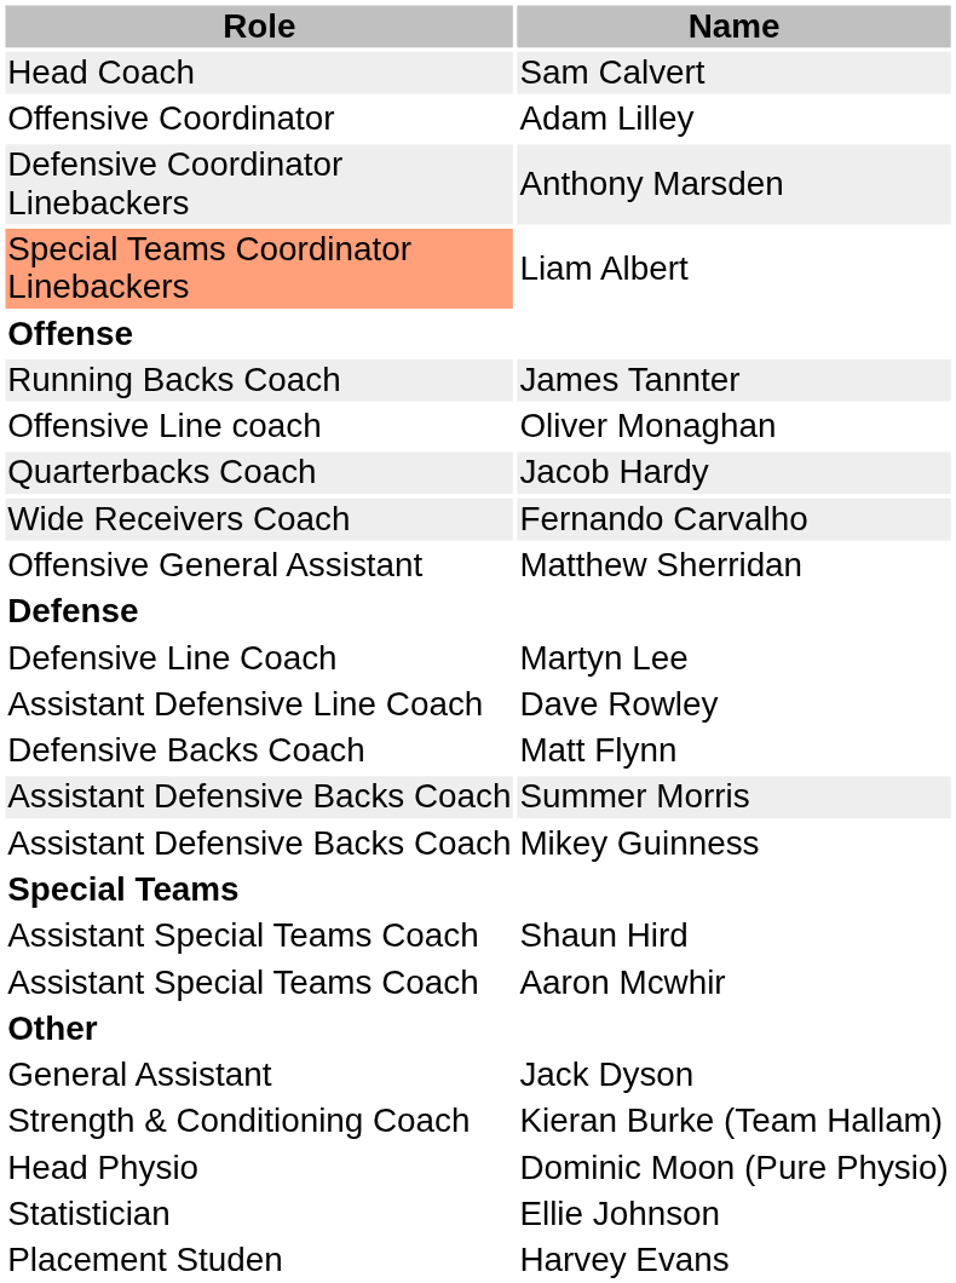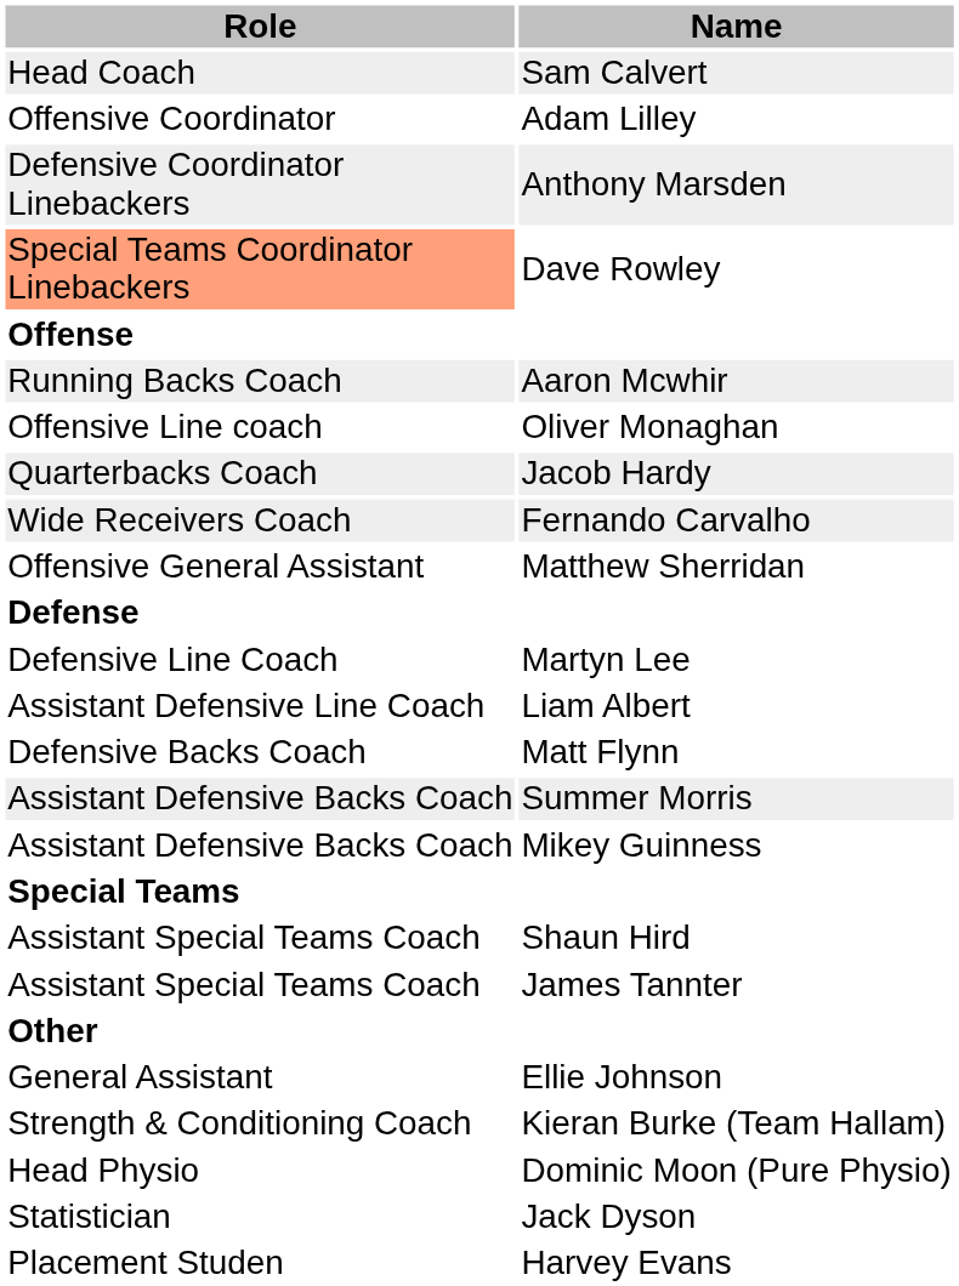 <table class="toccolours">
 <tr>
 <th style="background:silver;">Role</th>
 <th style="background:silver;">Name</th>
 </tr>
 <tr style="background:#eee;">
 <td>Head Coach</td>
 <td>Sam Calvert</td>
 </tr>
 <tr>
 <td>Offensive Coordinator</td>
 <td>Adam Lilley</td>
 </tr>
 <tr style="background:#eee;">
 <td>Defensive Coordinator<br>Linebackers</td>
 <td>Anthony Marsden</td>
 </tr>
 <tr>
 <td style="background: lightsalmon;">Special Teams Coordinator<br>Linebackers</td>
-<td>Liam Albert</td>
+<td>Dave Rowley</td>
 </tr>
 <tr>
 <td colspan="2"><strong>Offense</strong></td>
 </tr>
 <tr style="background:#eee;">
 <td>Running Backs Coach</td>
-<td>James Tannter</td>
+<td>Aaron Mcwhir</td>
 </tr>
 <tr>
 <td>Offensive Line coach</td>
 <td>Oliver Monaghan</td>
 </tr>
 <tr style="background:#eee;">
 <td>Quarterbacks Coach</td>
 <td>Jacob Hardy</td>
 </tr>
 <tr style="background:#eee;">
 <td>Wide Receivers Coach</td>
 <td>Fernando Carvalho</td>
 </tr>
 <tr>
 <td>Offensive General Assistant</td>
 <td>Matthew Sherridan</td>
 </tr>
 <tr>
 <td><strong>Defense</strong></td>
 <td></td>
 </tr>
 <tr>
 <td>Defensive Line Coach</td>
 <td>Martyn Lee</td>
 </tr>
 <tr>
 <td>Assistant Defensive Line Coach</td>
-<td>Dave Rowley</td>
+<td>Liam Albert</td>
 </tr>
 <tr>
 <td>Defensive Backs Coach</td>
 <td>Matt Flynn</td>
 </tr>
 <tr style="background:#eee;">
 <td>Assistant Defensive Backs Coach</td>
 <td>Summer Morris</td>
 </tr>
 <tr>
 <td>Assistant Defensive Backs Coach</td>
 <td>Mikey Guinness</td>
 </tr>
 <tr>
 <td><strong>Special Teams</strong></td>
 <td></td>
 </tr>
 <tr>
 <td>Assistant Special Teams Coach</td>
 <td>Shaun Hird</td>
 </tr>
 <tr>
 <td>Assistant Special Teams Coach</td>
-<td>Aaron Mcwhir</td>
+<td>James Tannter</td>
 </tr>
 <tr>
 <td><strong>Other</strong></td>
 <td></td>
 </tr>
 <tr>
 <td>General Assistant</td>
-<td>Jack Dyson</td>
+<td>Ellie Johnson</td>
 </tr>
 <tr>
 <td>Strength & Conditioning Coach</td>
 <td>Kieran Burke (Team Hallam)</td>
 </tr>
 <tr>
 <td>Head Physio</td>
 <td>Dominic Moon (Pure Physio)</td>
 </tr>
 <tr>
 <td>Statistician</td>
-<td>Ellie Johnson</td>
+<td>Jack Dyson</td>
 </tr>
 <tr>
 <td>Placement Studen</td>
 <td>Harvey Evans</td>
 </tr>
 </table>
